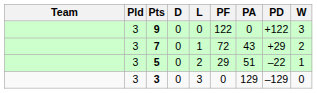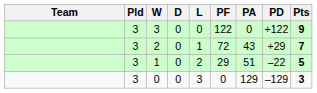 <table class="wikitable" style="text-align:center;">
 <tr>
 <th width=175>Team</th>
 <th width=25 abbr="Played">Pld</th>
-<th width=25 abbr="Points">Pts</th>
+<th width=25 abbr="Won">W</th>
 <th width=25 abbr="Drawn">D</th>
 <th width=25 abbr="Lost">L</th>
 <th width=32 abbr="Points for">PF</th>
 <th width=32 abbr="Points against">PA</th>
 <th width=32 abbr="Points difference">PD</th>
-<th width=25 abbr="Won">W</th>
+<th width=25 abbr="Points">Pts</th>
 </tr>
 <tr bgcolor=ccffcc>
 <td align=left></td>
 <td>3</td>
-<td><strong>9</strong></td>
+<td>3</td>
 <td>0</td>
 <td>0</td>
 <td>122</td>
 <td>0</td>
 <td>+122</td>
-<td>3</td>
+<td><strong>9</strong></td>
 </tr>
 <tr bgcolor=ccffcc>
 <td align=left></td>
 <td>3</td>
-<td><strong>7</strong></td>
+<td>2</td>
 <td>0</td>
 <td>1</td>
 <td>72</td>
 <td>43</td>
 <td>+29</td>
-<td>2</td>
+<td><strong>7</strong></td>
 </tr>
 <tr bgcolor=ccffcc>
 <td align=left></td>
 <td>3</td>
-<td><strong>5</strong></td>
+<td>1</td>
 <td>0</td>
 <td>2</td>
 <td>29</td>
 <td>51</td>
 <td>–22</td>
-<td>1</td>
+<td><strong>5</strong></td>
 </tr>
 <tr>
 <td align=left></td>
 <td>3</td>
-<td><strong>3</strong></td>
+<td>0</td>
 <td>0</td>
 <td>3</td>
 <td>0</td>
 <td>129</td>
 <td>–129</td>
-<td>0</td>
+<td><strong>3</strong></td>
 </tr>
 </table>
